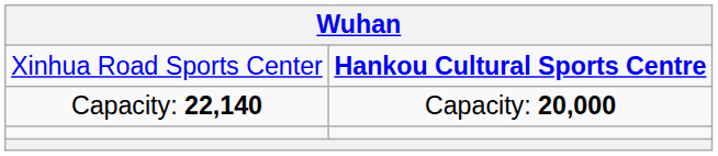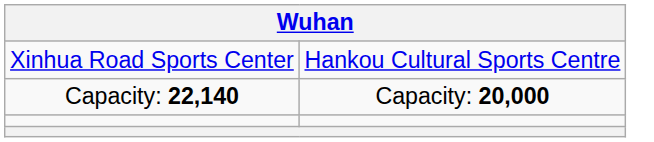 <table class="wikitable" style="text-align:center">
 <tr>
 <th colspan=2><a href='#'>Wuhan</a></th>
 </tr>
 <tr>
 <td><a href='#'>Xinhua Road Sports Center</a></td>
-<td><strong><a href='#'>Hankou Cultural Sports Centre</a></strong></td>
+<td><a href='#'>Hankou Cultural Sports Centre</a></td>
 </tr>
 <tr>
 <td>Capacity: <strong>22,140</strong></td>
 <td>Capacity: <strong>20,000</strong></td>
 </tr>
 <tr>
 <td></td>
 <td></td>
 </tr>
 <tr>
 <th colspan="2" rowspan="4"></th>
 </tr>
 </table>
